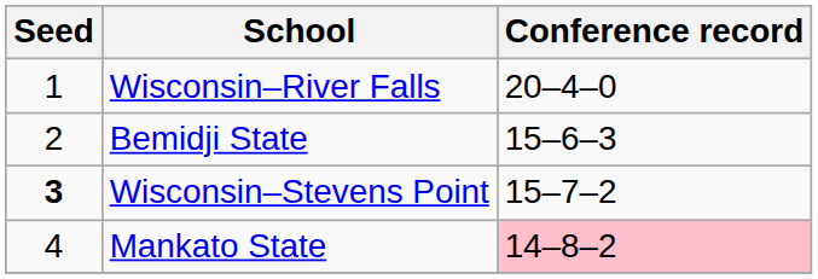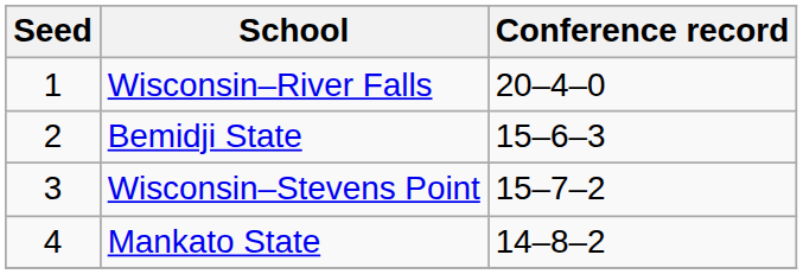 <table class="wikitable">
 <tr>
 <th>Seed</th>
 <th>School</th>
 <th>Conference record</th>
 </tr>
 <tr>
 <td align=center>1</td>
 <td><a href='#'>Wisconsin–River Falls</a></td>
 <td>20–4–0</td>
 </tr>
 <tr>
 <td align=center>2</td>
 <td><a href='#'>Bemidji State</a></td>
 <td>15–6–3</td>
 </tr>
 <tr>
-<td align=center><strong>3</strong></td>
+<td align=center>3</td>
 <td><a href='#'>Wisconsin–Stevens Point</a></td>
 <td>15–7–2</td>
 </tr>
 <tr>
 <td align=center>4</td>
 <td><a href='#'>Mankato State</a></td>
-<td style="background: pink;">14–8–2</td>
+<td>14–8–2</td>
 </tr>
 <tr>
 </tr>
 </table>
